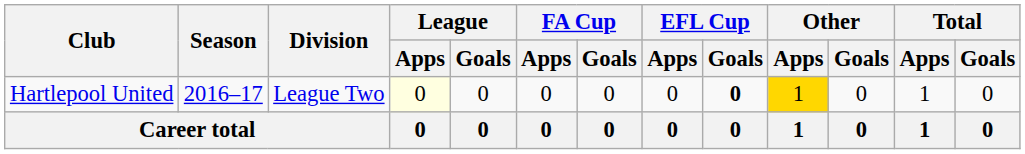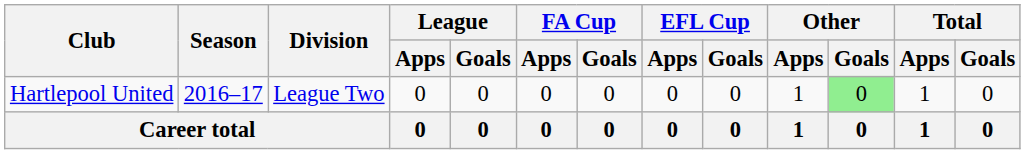 <table class="wikitable" style="text-align:center;">
 <tr>
 <th rowspan="2">Club</th>
 <th rowspan="2">Season</th>
 <th rowspan="2">Division</th>
 <th colspan="2">League</th>
 <th colspan="2"><a href='#'>FA Cup</a></th>
 <th colspan="2"><a href='#'>EFL Cup</a></th>
 <th colspan="2">Other</th>
 <th colspan="2">Total</th>
 </tr>
 <tr>
 <th>Apps</th>
 <th>Goals</th>
 <th>Apps</th>
 <th>Goals</th>
 <th>Apps</th>
 <th>Goals</th>
 <th>Apps</th>
 <th>Goals</th>
 <th>Apps</th>
 <th>Goals</th>
 </tr>
 <tr>
 <td><a href='#'>Hartlepool United</a></td>
 <td><a href='#'>2016–17</a></td>
 <td><a href='#'>League Two</a></td>
-<td style="background: lightyellow;">0</td>
 <td>0</td>
 <td>0</td>
 <td>0</td>
 <td>0</td>
-<td><strong>0</strong></td>
-<td style="background: gold;">1</td>
 <td>0</td>
+<td>0</td>
+<td>1</td>
+<td style="background: lightgreen;">0</td>
 <td>1</td>
 <td>0</td>
 </tr>
 <tr>
 <th colspan="3">Career total</th>
 <th>0</th>
 <th>0</th>
 <th>0</th>
 <th>0</th>
 <th>0</th>
 <th>0</th>
 <th>1</th>
 <th>0</th>
 <th>1</th>
 <th>0</th>
 </tr>
 </table>
